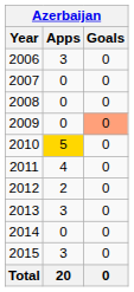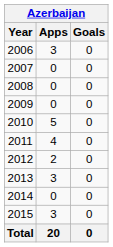 <table class="wikitable" style="text-align:center">
 <tr>
 <th colspan=3><a href='#'>Azerbaijan</a></th>
 </tr>
 <tr>
 <th>Year</th>
 <th>Apps</th>
 <th>Goals</th>
 </tr>
 <tr>
 <td>2006</td>
 <td>3</td>
 <td>0</td>
 </tr>
 <tr>
 <td>2007</td>
 <td>0</td>
 <td>0</td>
 </tr>
 <tr>
 <td>2008</td>
 <td>0</td>
 <td>0</td>
 </tr>
 <tr>
 <td>2009</td>
 <td>0</td>
-<td style="background: lightsalmon;">0</td>
+<td>0</td>
 </tr>
 <tr>
 <td>2010</td>
-<td style="background: gold;">5</td>
+<td>5</td>
 <td>0</td>
 </tr>
 <tr>
 <td>2011</td>
 <td>4</td>
 <td>0</td>
 </tr>
 <tr>
 <td>2012</td>
 <td>2</td>
 <td>0</td>
 </tr>
 <tr>
 <td>2013</td>
 <td>3</td>
 <td>0</td>
 </tr>
 <tr>
 <td>2014</td>
 <td>0</td>
 <td>0</td>
 </tr>
 <tr>
 <td>2015</td>
 <td>3</td>
 <td>0</td>
 </tr>
 <tr>
 <th>Total</th>
 <th>20</th>
 <th>0</th>
 </tr>
 </table>
